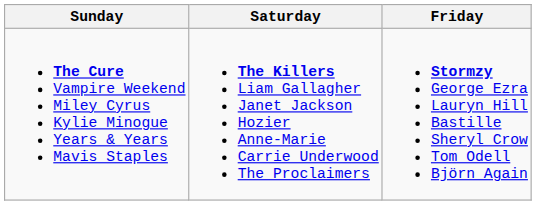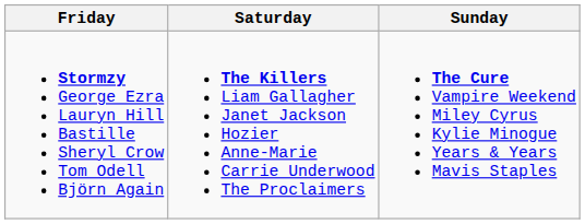 <table class="wikitable">
 <tr>
+<th>Friday</th>
+<th>Saturday</th>
 <th>Sunday</th>
-<th>Saturday</th>
-<th>Friday</th>
 </tr>
 <tr valign="top">
+<td><br><ul><li><strong><a href='#'>Stormzy</a></strong></li><li><a href='#'>George Ezra</a></li><li><a href='#'>Lauryn Hill</a></li><li><a href='#'>Bastille</a></li><li><a href='#'>Sheryl Crow</a></li><li><a href='#'>Tom Odell</a></li><li><a href='#'>Björn Again</a></li></ul></td>
+<td><br><ul><li><strong><a href='#'>The Killers</a></strong></li><li><a href='#'>Liam Gallagher</a></li><li><a href='#'>Janet Jackson</a></li><li><a href='#'>Hozier</a></li><li><a href='#'>Anne-Marie</a></li><li><a href='#'>Carrie Underwood</a></li><li><a href='#'>The Proclaimers</a></li></ul></td>
 <td><br><ul><li><strong><a href='#'>The Cure</a></strong></li><li><a href='#'>Vampire Weekend</a></li><li><a href='#'>Miley Cyrus</a></li><li><a href='#'>Kylie Minogue</a></li><li><a href='#'>Years & Years</a></li><li><a href='#'>Mavis Staples</a></li></ul></td>
-<td><br><ul><li><strong><a href='#'>The Killers</a></strong></li><li><a href='#'>Liam Gallagher</a></li><li><a href='#'>Janet Jackson</a></li><li><a href='#'>Hozier</a></li><li><a href='#'>Anne-Marie</a></li><li><a href='#'>Carrie Underwood</a></li><li><a href='#'>The Proclaimers</a></li></ul></td>
-<td><br><ul><li><strong><a href='#'>Stormzy</a></strong></li><li><a href='#'>George Ezra</a></li><li><a href='#'>Lauryn Hill</a></li><li><a href='#'>Bastille</a></li><li><a href='#'>Sheryl Crow</a></li><li><a href='#'>Tom Odell</a></li><li><a href='#'>Björn Again</a></li></ul></td>
 </tr>
 </table>
